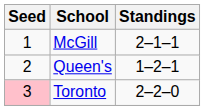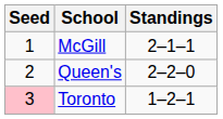 <table class="wikitable">
 <tr>
 <th>Seed</th>
 <th>School</th>
 <th>Standings</th>
 </tr>
 <tr>
 <td align=center>1</td>
 <td><a href='#'>McGill</a></td>
 <td align=center>2–1–1</td>
 </tr>
 <tr>
 <td align=center>2</td>
 <td><a href='#'>Queen's</a></td>
-<td align=center>1–2–1</td>
+<td align=center>2–2–0</td>
 </tr>
 <tr>
 <td align=center style="background: pink;">3</td>
 <td><a href='#'>Toronto</a></td>
-<td align=center>2–2–0</td>
+<td align=center>1–2–1</td>
 </tr>
 <tr>
 </tr>
 </table>
